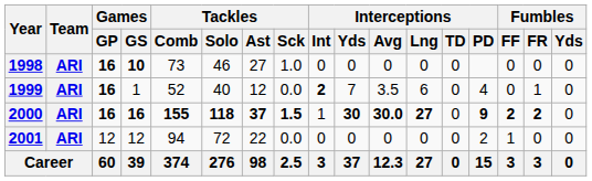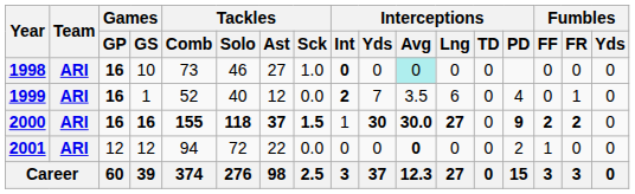 <table class="wikitable"  style="text-align:center; width:45%;">
 <tr>
 <th rowspan="2">Year</th>
 <th rowspan="2">Team</th>
 <th colspan="2">Games</th>
 <th colspan="4">Tackles</th>
 <th colspan="6">Interceptions</th>
 <th colspan="3">Fumbles</th>
 </tr>
 <tr>
 <th>GP</th>
 <th>GS</th>
 <th>Comb</th>
 <th>Solo</th>
 <th>Ast</th>
 <th>Sck</th>
 <th>Int</th>
 <th>Yds</th>
 <th>Avg</th>
 <th>Lng</th>
 <th>TD</th>
 <th>PD</th>
 <th>FF</th>
 <th>FR</th>
 <th>Yds</th>
 </tr>
 <tr>
 <th><a href='#'>1998</a></th>
 <th><a href='#'>ARI</a></th>
 <td><strong>16</strong></td>
-<td><strong>10</strong></td>
+<td>10</td>
 <td>73</td>
 <td>46</td>
 <td>27</td>
 <td>1.0</td>
+<td><strong>0</strong></td>
 <td>0</td>
-<td>0</td>
-<td>0</td>
+<td style="background: paleturquoise;">0</td>
 <td>0</td>
 <td>0</td>
 <td></td>
 <td>0</td>
 <td>0</td>
 <td>0</td>
 </tr>
 <tr>
 <th><a href='#'>1999</a></th>
 <th><a href='#'>ARI</a></th>
 <td><strong>16</strong></td>
 <td>1</td>
 <td>52</td>
 <td>40</td>
 <td>12</td>
 <td>0.0</td>
 <td><strong>2</strong></td>
 <td>7</td>
 <td>3.5</td>
 <td>6</td>
 <td>0</td>
 <td>4</td>
 <td>0</td>
 <td>1</td>
 <td>0</td>
 </tr>
 <tr>
 <th><a href='#'>2000</a></th>
 <th><a href='#'>ARI</a></th>
 <td><strong>16</strong></td>
 <td><strong>16</strong></td>
 <td><strong>155</strong></td>
 <td><strong>118</strong></td>
 <td><strong>37</strong></td>
 <td><strong>1.5</strong></td>
 <td>1</td>
 <td><strong>30</strong></td>
 <td><strong>30.0</strong></td>
 <td><strong>27</strong></td>
 <td>0</td>
 <td><strong>9</strong></td>
 <td><strong>2</strong></td>
 <td><strong>2</strong></td>
 <td>0</td>
 </tr>
 <tr>
 <th><a href='#'>2001</a></th>
 <th><a href='#'>ARI</a></th>
 <td>12</td>
 <td>12</td>
 <td>94</td>
 <td>72</td>
 <td>22</td>
 <td>0.0</td>
 <td>0</td>
 <td>0</td>
-<td>0</td>
+<td><strong>0</strong></td>
 <td>0</td>
 <td>0</td>
 <td>2</td>
 <td>1</td>
 <td>0</td>
 <td>0</td>
 </tr>
 <tr>
 <th colspan="2">Career</th>
 <th>60</th>
 <th>39</th>
 <th>374</th>
 <th>276</th>
 <th>98</th>
 <th>2.5</th>
 <th>3</th>
 <th>37</th>
 <th>12.3</th>
 <th>27</th>
 <th>0</th>
 <th>15</th>
 <th>3</th>
 <th>3</th>
 <th>0</th>
 </tr>
 </table>
